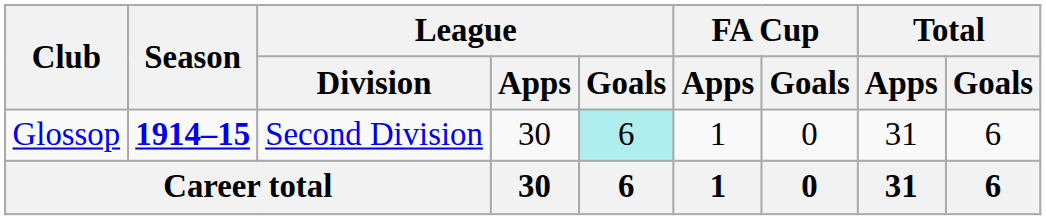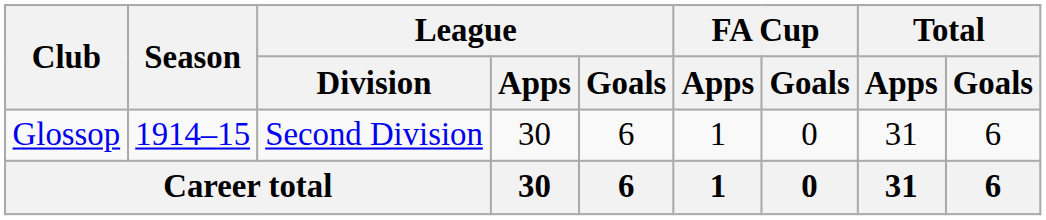 <table class="wikitable" style="text-align: center">
 <tr>
 <th rowspan="2">Club</th>
 <th rowspan="2">Season</th>
 <th colspan="3">League</th>
 <th colspan="2">FA Cup</th>
 <th colspan="2">Total</th>
 </tr>
 <tr>
 <th>Division</th>
 <th>Apps</th>
 <th>Goals</th>
 <th>Apps</th>
 <th>Goals</th>
 <th>Apps</th>
 <th>Goals</th>
 </tr>
 <tr>
 <td><a href='#'>Glossop</a></td>
-<td><strong><a href='#'>1914–15</a></strong></td>
+<td><a href='#'>1914–15</a></td>
 <td><a href='#'>Second Division</a></td>
 <td>30</td>
-<td style="background: paleturquoise;">6</td>
+<td>6</td>
 <td>1</td>
 <td>0</td>
 <td>31</td>
 <td>6</td>
 </tr>
 <tr>
 <th colspan="3">Career total</th>
 <th>30</th>
 <th>6</th>
 <th>1</th>
 <th>0</th>
 <th>31</th>
 <th>6</th>
 </tr>
 </table>
